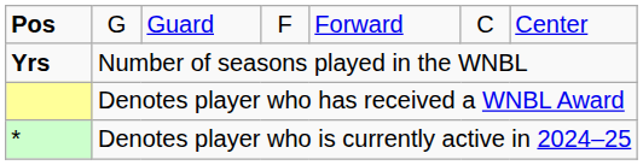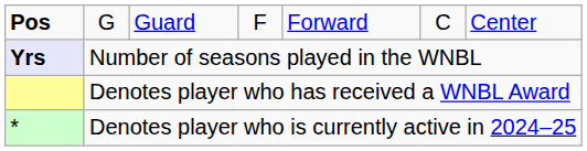 <table class="wikitable">
 <tr>
 <td width="50px"><strong>Pos</strong></td>
 <td width="25px" align="center">G</td>
 <td><a href='#'>Guard</a></td>
 <td width="25px" align="center">F</td>
 <td><a href='#'>Forward</a></td>
 <td width="25px" align="center">C</td>
 <td><a href='#'>Center</a></td>
 </tr>
 <tr>
-<td><strong>Yrs</strong></td>
+<td style="background: lavender;"><strong>Yrs</strong></td>
 <td colspan="6">Number of seasons played in the WNBL</td>
 </tr>
 <tr>
 <td style="background-color:#FFFF99"></td>
 <td colspan="6">Denotes player who has received a <a href='#'>WNBL Award</a></td>
 </tr>
 <tr>
 <td style="background-color:#CCFFCC">*</td>
 <td colspan="6">Denotes player who is currently active in <a href='#'>2024–25</a></td>
 </tr>
 </table>
